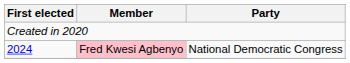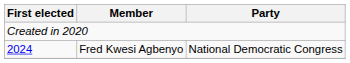 <table class="wikitable">
 <tr>
 <th>First elected</th>
 <th>Member</th>
 <th>Party</th>
 </tr>
 <tr>
 <td colspan=3><em>Created in 2020</em></td>
 </tr>
 <tr>
 <td><a href='#'>2024</a></td>
-<td style="background: pink;">Fred Kwesi Agbenyo</td>
+<td>Fred Kwesi Agbenyo</td>
 <td>National Democratic Congress</td>
 </tr>
 <tr>
 </tr>
 </table>
